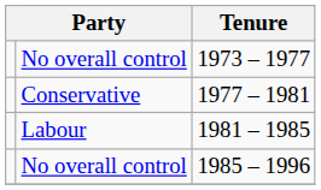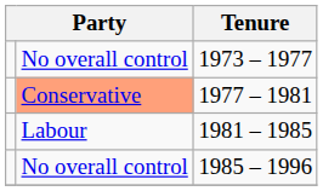 <table class="wikitable">
 <tr>
 <th colspan="2">Party</th>
 <th>Tenure</th>
 </tr>
 <tr>
 <td style="background-color: "></td>
 <td><a href='#'>No overall control</a></td>
 <td>1973 – 1977</td>
 </tr>
 <tr>
 <td style="background-color: "></td>
-<td><a href='#'>Conservative</a></td>
+<td style="background: lightsalmon;"><a href='#'>Conservative</a></td>
 <td>1977 – 1981</td>
 </tr>
 <tr>
 <td style="background-color: "></td>
 <td><a href='#'>Labour</a></td>
 <td>1981 – 1985</td>
 </tr>
 <tr>
 <td style="background-color: "></td>
 <td><a href='#'>No overall control</a></td>
 <td>1985 – 1996</td>
 </tr>
 <tr>
 </tr>
 </table>
